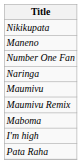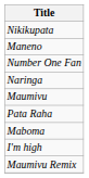 <table class="wikitable">
 <tr>
 <th>Title</th>
 </tr>
 <tr>
 <td><em>Nikikupata</em></td>
 </tr>
 <tr>
 <td><em>Maneno</em></td>
 </tr>
 <tr>
 <td><em>Number One Fan</em></td>
 </tr>
 <tr>
 <td><em>Naringa</em></td>
 </tr>
 <tr>
 <td><em>Maumivu</em></td>
 </tr>
 <tr>
-<td><em>Maumivu Remix</em></td>
+<td><em>Pata Raha</em></td>
 </tr>
 <tr>
 <td><em>Maboma</em></td>
 </tr>
 <tr>
 <td><em>I'm high</em></td>
 </tr>
 <tr>
-<td><em>Pata Raha</em></td>
+<td><em>Maumivu Remix</em></td>
 </tr>
 <tr>
 </tr>
 </table>
